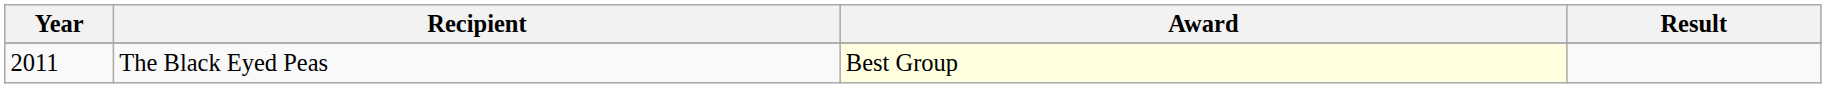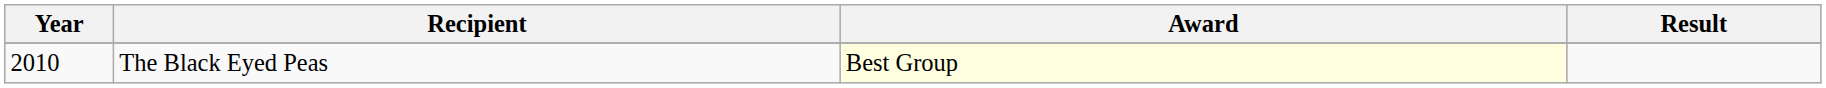 <table style="width: 75%;" class="wikitable">
 <tr>
 <th style="width:6%;">Year</th>
 <th style="width:40%;">Recipient</th>
 <th style="width:40%;">Award</th>
 <th style="width:14%;">Result</th>
 </tr>
 <tr>
 </tr>
 <tr>
-<td>2011</td>
+<td>2010</td>
 <td>The Black Eyed Peas</td>
 <td style="background: lightyellow;">Best Group</td>
 <td></td>
 </tr>
 </table>
